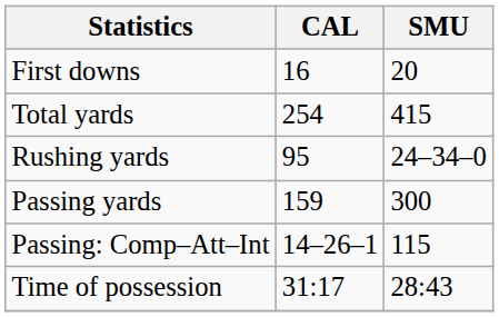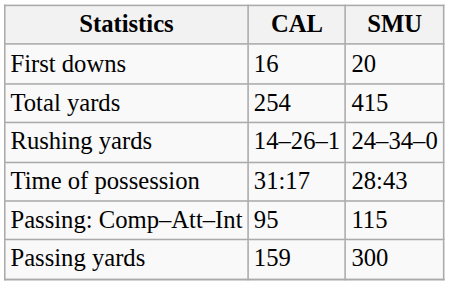 <table class="wikitable" style="float: left;">
 <tr>
 <th>Statistics</th>
 <th>CAL</th>
 <th>SMU</th>
 </tr>
 <tr>
 <td>First downs</td>
 <td>16</td>
 <td>20</td>
 </tr>
 <tr>
 <td>Total yards</td>
 <td>254</td>
 <td>415</td>
 </tr>
 <tr>
 <td>Rushing yards</td>
+<td>14–26–1</td>
+<td>24–34–0</td>
+</tr>
+<tr>
+<td>Time of possession</td>
+<td>31:17</td>
+<td>28:43</td>
+</tr>
+<tr>
+<td>Passing: Comp–Att–Int</td>
 <td>95</td>
-<td>24–34–0</td>
+<td>115</td>
 </tr>
 <tr>
 <td>Passing yards</td>
 <td>159</td>
 <td>300</td>
 </tr>
 <tr>
-<td>Passing: Comp–Att–Int</td>
-<td>14–26–1</td>
-<td>115</td>
-</tr>
-<tr>
-<td>Time of possession</td>
-<td>31:17</td>
-<td>28:43</td>
-</tr>
-<tr>
 </tr>
 </table>
